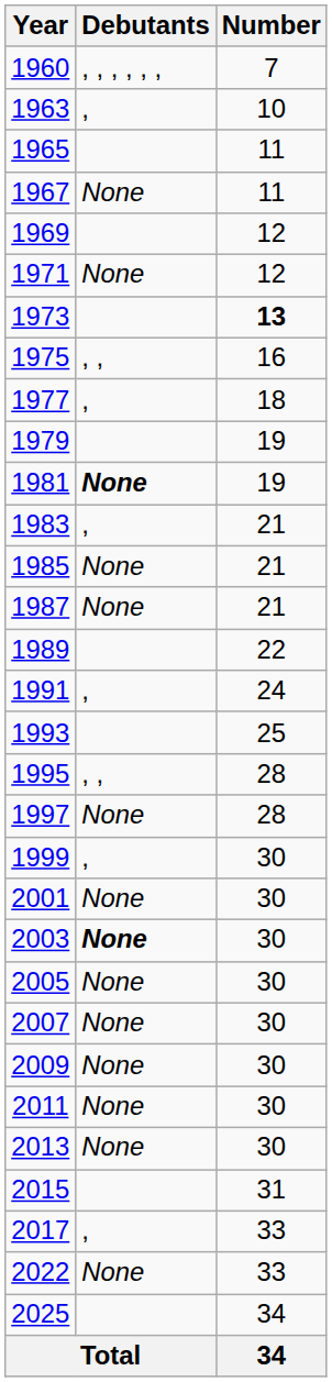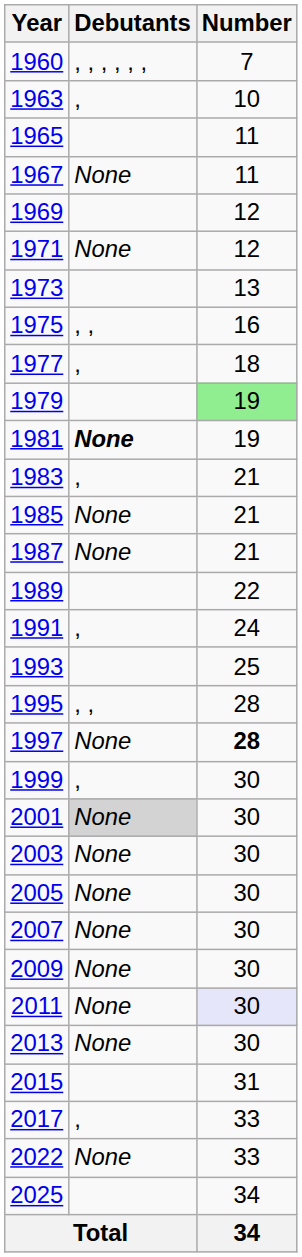 <table class="wikitable" style="text-align:center;">
 <tr>
 <th>Year</th>
 <th>Debutants</th>
 <th>Number</th>
 </tr>
 <tr>
 <td valign=top><a href='#'>1960</a></td>
 <td align=left>, , , , , , </td>
 <td>7</td>
 </tr>
 <tr>
 <td valign=top><a href='#'>1963</a></td>
 <td align=left> , </td>
 <td>10</td>
 </tr>
 <tr>
 <td valign=top><a href='#'>1965</a></td>
 <td align=left></td>
 <td>11</td>
 </tr>
 <tr>
 <td valign=top><a href='#'>1967</a></td>
 <td align=left><em>None</em></td>
 <td>11</td>
 </tr>
 <tr>
 <td valign=top><a href='#'>1969</a></td>
 <td align=left></td>
 <td>12</td>
 </tr>
 <tr>
 <td valign=top><a href='#'>1971</a></td>
 <td align=left><em>None</em></td>
 <td>12</td>
 </tr>
 <tr>
 <td valign=top><a href='#'>1973</a></td>
 <td align=left></td>
-<td><strong>13</strong></td>
+<td>13</td>
 </tr>
 <tr>
 <td valign=top><a href='#'>1975</a></td>
 <td align=left>, , </td>
 <td>16</td>
 </tr>
 <tr>
 <td valign=top><a href='#'>1977</a></td>
 <td align=left>, </td>
 <td>18</td>
 </tr>
 <tr>
 <td valign=top><a href='#'>1979</a></td>
 <td align=left></td>
-<td>19</td>
+<td style="background: lightgreen;">19</td>
 </tr>
 <tr>
 <td valign=top><a href='#'>1981</a></td>
 <td align=left><strong><em>None</em></strong></td>
 <td>19</td>
 </tr>
 <tr>
 <td valign=top><a href='#'>1983</a></td>
 <td align=left>, </td>
 <td>21</td>
 </tr>
 <tr>
 <td valign=top><a href='#'>1985</a></td>
 <td align=left><em>None</em></td>
 <td>21</td>
 </tr>
 <tr>
 <td valign=top><a href='#'>1987</a></td>
 <td align=left><em>None</em></td>
 <td>21</td>
 </tr>
 <tr>
 <td valign=top><a href='#'>1989</a></td>
 <td align=left></td>
 <td>22</td>
 </tr>
 <tr>
 <td valign=top><a href='#'>1991</a></td>
 <td align=left>, </td>
 <td>24</td>
 </tr>
 <tr>
 <td valign=top><a href='#'>1993</a></td>
 <td align=left></td>
 <td>25</td>
 </tr>
 <tr>
 <td valign=top><a href='#'>1995</a></td>
 <td align=left>, , </td>
 <td>28</td>
 </tr>
 <tr>
 <td valign=top><a href='#'>1997</a></td>
 <td align=left><em>None</em></td>
-<td>28</td>
+<td><strong>28</strong></td>
 </tr>
 <tr>
 <td valign=top><a href='#'>1999</a></td>
 <td align=left>, </td>
 <td>30</td>
 </tr>
 <tr>
 <td valign=top><a href='#'>2001</a></td>
-<td align=left><em>None</em></td>
+<td align=left style="background: lightgrey;"><em>None</em></td>
 <td>30</td>
 </tr>
 <tr>
 <td valign=top><a href='#'>2003</a></td>
-<td align=left><strong><em>None</em></strong></td>
+<td align=left><em>None</em></td>
 <td>30</td>
 </tr>
 <tr>
 <td valign=top><a href='#'>2005</a></td>
 <td align=left><em>None</em></td>
 <td>30</td>
 </tr>
 <tr>
 <td valign=top><a href='#'>2007</a></td>
 <td align=left><em>None</em></td>
 <td>30</td>
 </tr>
 <tr>
 <td valign=top><a href='#'>2009</a></td>
 <td align=left><em>None</em></td>
 <td>30</td>
 </tr>
 <tr>
 <td valign=top><a href='#'>2011</a></td>
 <td align=left><em>None</em></td>
-<td>30</td>
+<td style="background: lavender;">30</td>
 </tr>
 <tr>
 <td valign=top><a href='#'>2013</a></td>
 <td align=left><em>None</em></td>
 <td>30</td>
 </tr>
 <tr>
 <td valign=top><a href='#'>2015</a></td>
 <td align=left></td>
 <td>31</td>
 </tr>
 <tr>
 <td valign=top><a href='#'>2017</a></td>
 <td align=left>, </td>
 <td>33</td>
 </tr>
 <tr>
 <td valign=top><a href='#'>2022</a></td>
 <td align=left><em>None</em></td>
 <td>33</td>
 </tr>
 <tr>
 <td valign=top><a href='#'>2025</a></td>
 <td align=left></td>
 <td>34</td>
 </tr>
 <tr>
 <th colspan=2>Total</th>
 <th>34</th>
 </tr>
 </table>
